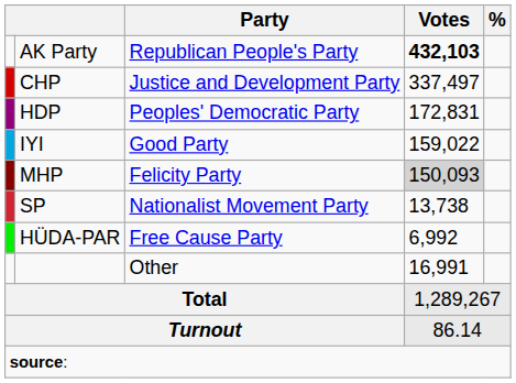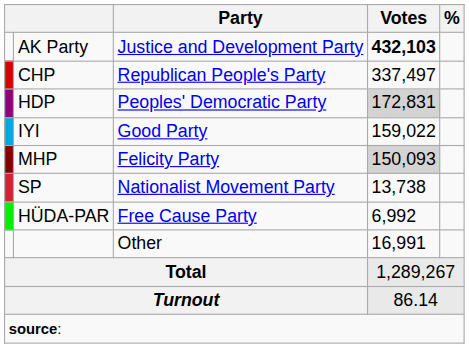 <table class="wikitable">
 <tr>
 <th colspan="2" align="center"></th>
 <th align="center">Party</th>
 <th align="center">Votes</th>
 <th align="center">%</th>
 </tr>
 <tr align="left">
 <td></td>
 <td>AK Party</td>
-<td><a href='#'>Republican People's Party</a></td>
+<td><a href='#'>Justice and Development Party</a></td>
 <td><strong>432,103</strong></td>
 <td><strong></strong></td>
 </tr>
 <tr align="left">
 <td bgcolor="#d50000" width="1"></td>
 <td>CHP</td>
-<td><a href='#'>Justice and Development Party</a></td>
+<td><a href='#'>Republican People's Party</a></td>
 <td>337,497</td>
 <td></td>
 </tr>
 <tr align="left">
 <td bgcolor="#91007B" width="1"></td>
 <td>HDP</td>
 <td><a href='#'>Peoples' Democratic Party</a></td>
-<td>172,831</td>
+<td style="background: lightgrey;">172,831</td>
 <td></td>
 </tr>
 <tr align="left">
 <td bgcolor="#01A7E1" width="1"></td>
 <td>IYI</td>
 <td><a href='#'>Good Party</a></td>
 <td>159,022</td>
 <td></td>
 </tr>
 <tr align="left">
 <td bgcolor="#870000" width="1"></td>
 <td>MHP</td>
 <td><a href='#'>Felicity Party</a></td>
 <td style="background: lightgrey;">150,093</td>
 <td></td>
 </tr>
 <tr align="left">
 <td bgcolor="#D02433" width="1"></td>
 <td>SP</td>
 <td><a href='#'>Nationalist Movement Party</a></td>
 <td>13,738</td>
 <td></td>
 </tr>
 <tr align="left">
 <td bgcolor="#Green" width="1"></td>
 <td>HÜDA-PAR</td>
 <td><a href='#'>Free Cause Party</a></td>
 <td>6,992</td>
 <td></td>
 </tr>
 <tr align="left">
 <td bgcolor="" width="1"></td>
 <td></td>
 <td>Other</td>
 <td>16,991</td>
 <td></td>
 </tr>
 <tr align="left" style="background-color:#E9E9E9">
 <th colspan="3" align="center"><strong>Total</strong></th>
 <td colspan="5" align="center">1,289,267</td>
 </tr>
 <tr align="left" style="background-color:#E9E9E9">
 <th colspan="3" align="center"><em>Turnout</em></th>
 <td colspan="5" align="center">86.14</td>
 </tr>
 <tr>
 <td colspan="9" align="left"><small><strong>source</strong>: </small></td>
 </tr>
 </table>
